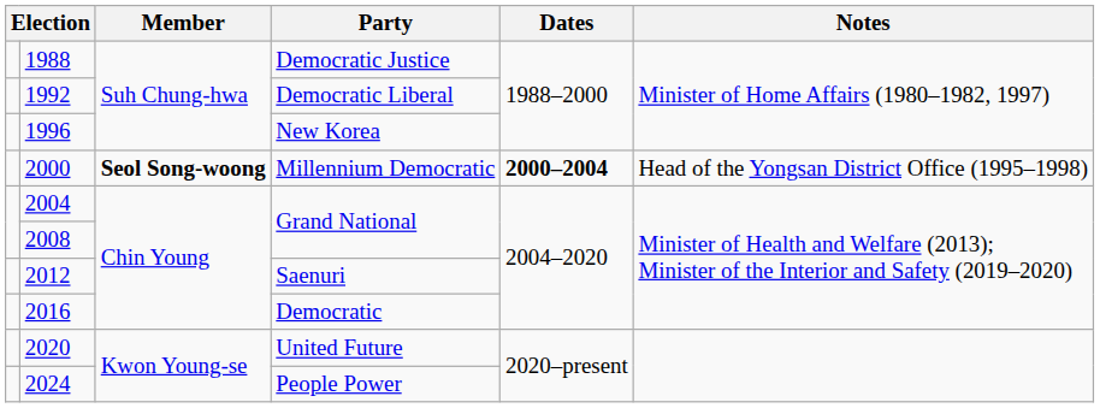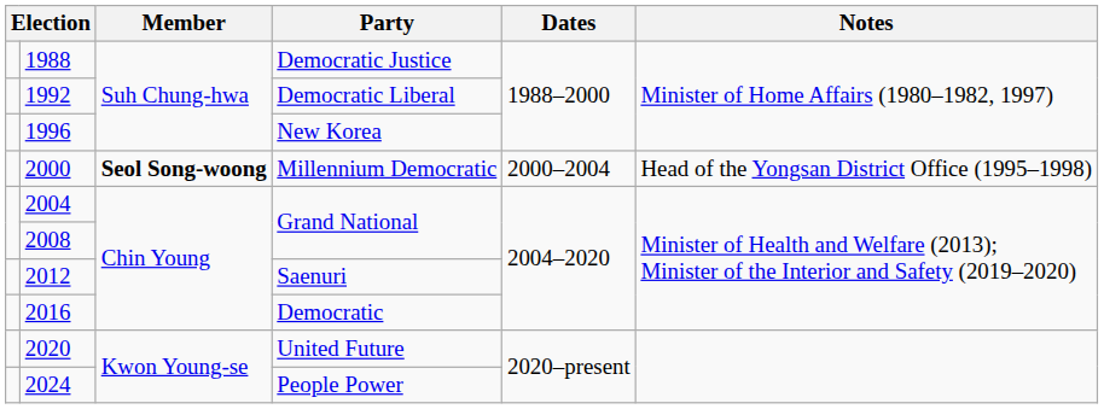 <table class="wikitable">
 <tr>
 <th colspan="2">Election</th>
 <th>Member</th>
 <th>Party</th>
 <th>Dates</th>
 <th>Notes</th>
 </tr>
 <tr>
 <td bgcolor=></td>
 <td><a href='#'>1988</a></td>
 <td rowspan="3"><a href='#'>Suh Chung-hwa</a></td>
 <td><a href='#'>Democratic Justice</a></td>
 <td rowspan="3">1988–2000</td>
 <td rowspan="3"><a href='#'>Minister of Home Affairs</a> (1980–1982, 1997)</td>
 </tr>
 <tr>
 <td bgcolor=></td>
 <td><a href='#'>1992</a></td>
 <td><a href='#'>Democratic Liberal</a></td>
 </tr>
 <tr>
 <td bgcolor=></td>
 <td><a href='#'>1996</a></td>
 <td><a href='#'>New Korea</a></td>
 </tr>
 <tr>
 <td bgcolor=></td>
 <td><a href='#'>2000</a></td>
 <td><strong>Seol Song-woong</strong></td>
 <td><a href='#'>Millennium Democratic</a></td>
-<td><strong>2000–2004</strong></td>
+<td>2000–2004</td>
 <td>Head of the <a href='#'>Yongsan District</a> Office (1995–1998)</td>
 </tr>
 <tr>
 <td rowspan="2" bgcolor=></td>
 <td><a href='#'>2004</a></td>
 <td rowspan="4"><a href='#'>Chin Young</a></td>
 <td rowspan="2"><a href='#'>Grand National</a></td>
 <td rowspan="4">2004–2020</td>
 <td rowspan="4"><a href='#'>Minister of Health and Welfare</a> (2013);<br><a href='#'>Minister of the Interior and Safety</a> (2019–2020)</td>
 </tr>
 <tr>
 <td><a href='#'>2008</a></td>
 </tr>
 <tr>
 <td bgcolor=></td>
 <td><a href='#'>2012</a></td>
 <td><a href='#'>Saenuri</a></td>
 </tr>
 <tr>
 <td bgcolor=></td>
 <td><a href='#'>2016</a></td>
 <td><a href='#'>Democratic</a></td>
 </tr>
 <tr>
 <td bgcolor=></td>
 <td><a href='#'>2020</a></td>
 <td rowspan="2"><a href='#'>Kwon Young-se</a></td>
 <td><a href='#'>United Future</a></td>
 <td rowspan="2">2020–present</td>
 <td rowspan="2"></td>
 </tr>
 <tr>
 <td bgcolor=></td>
 <td><a href='#'>2024</a></td>
 <td><a href='#'>People Power</a></td>
 </tr>
 </table>
